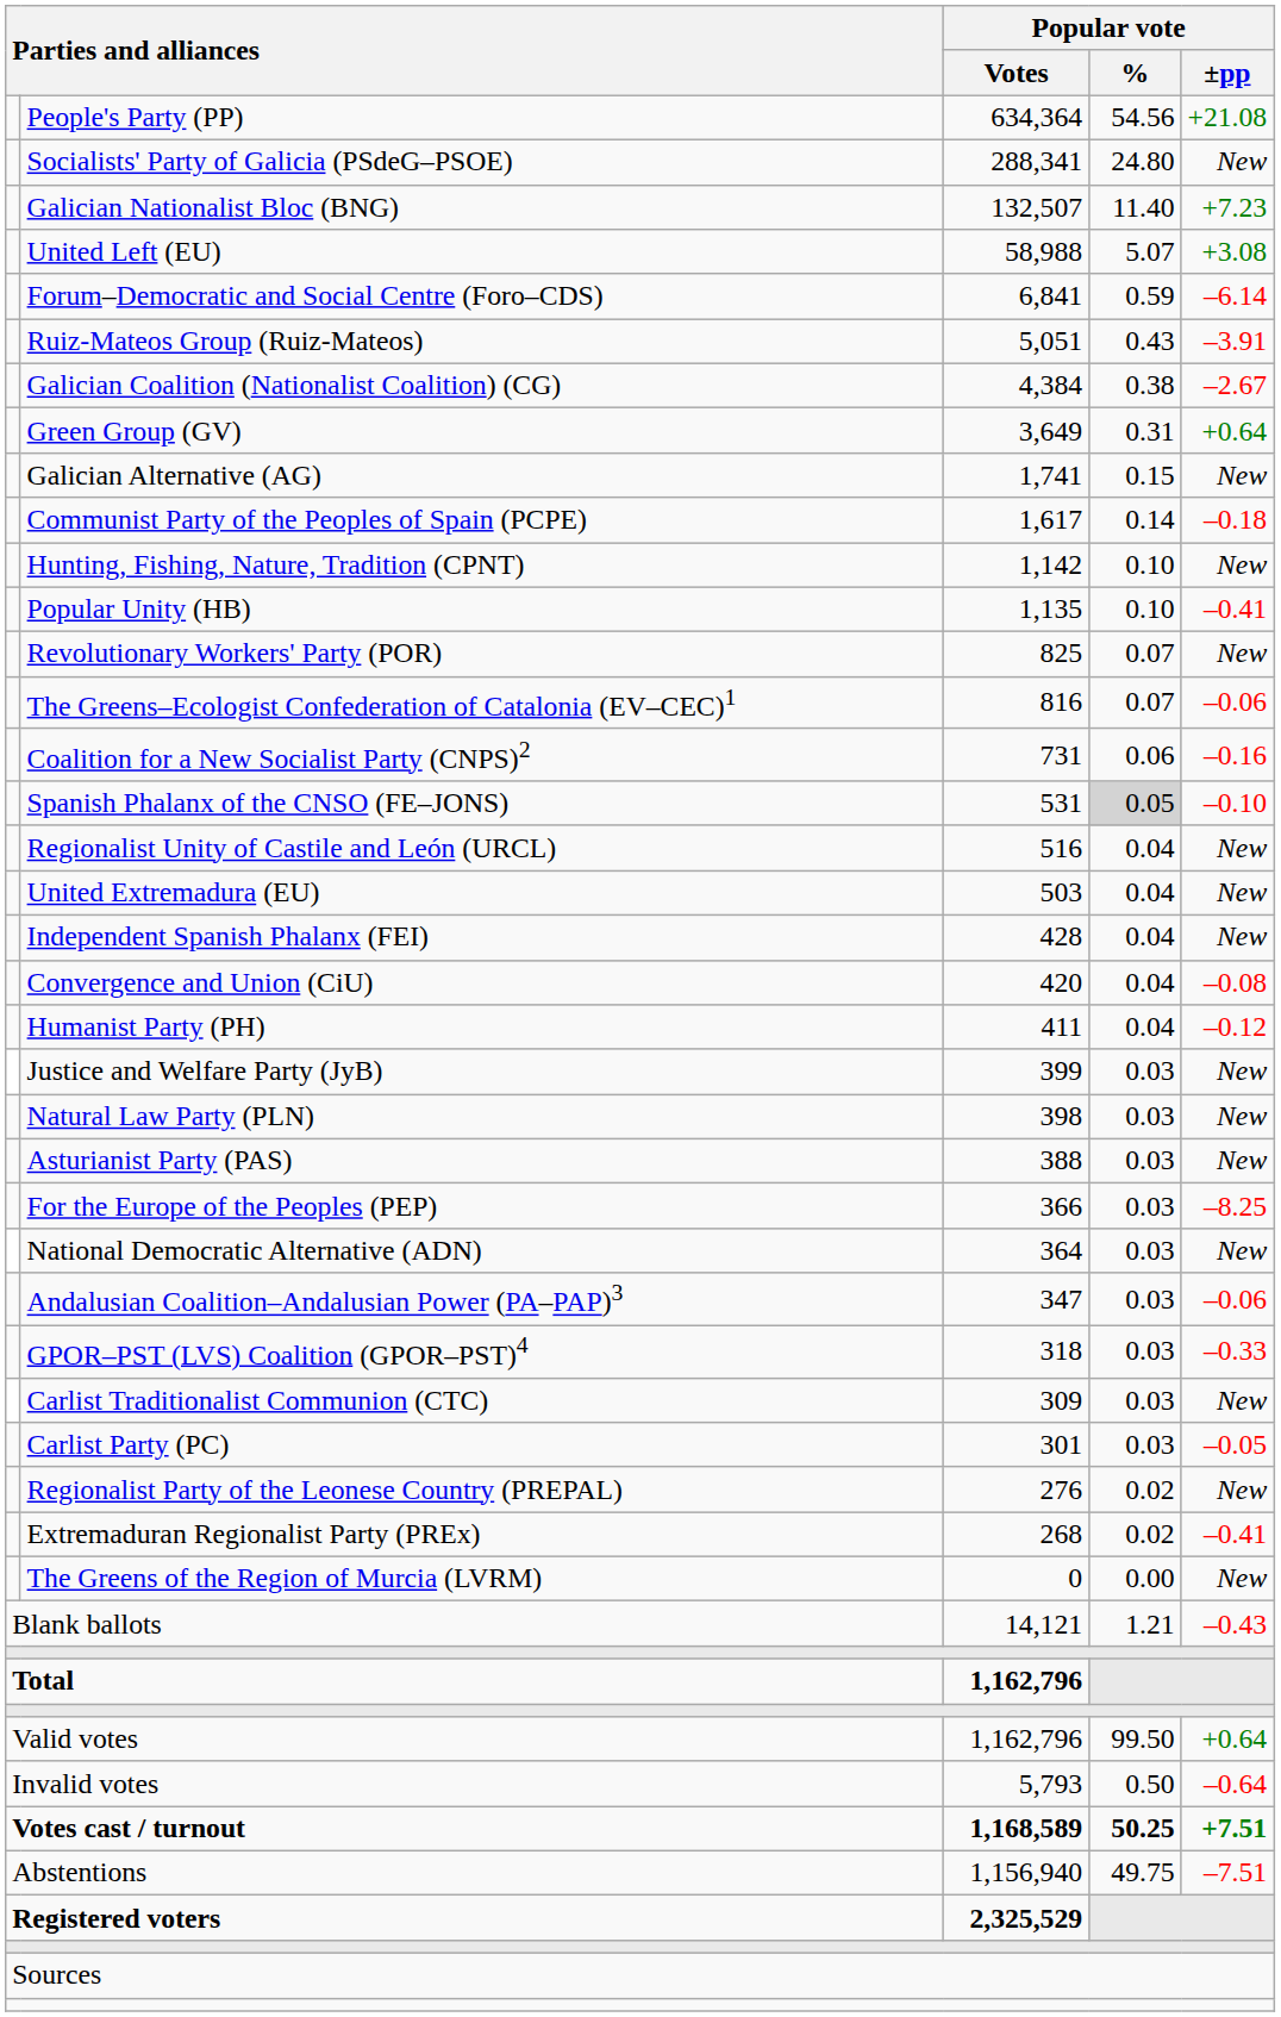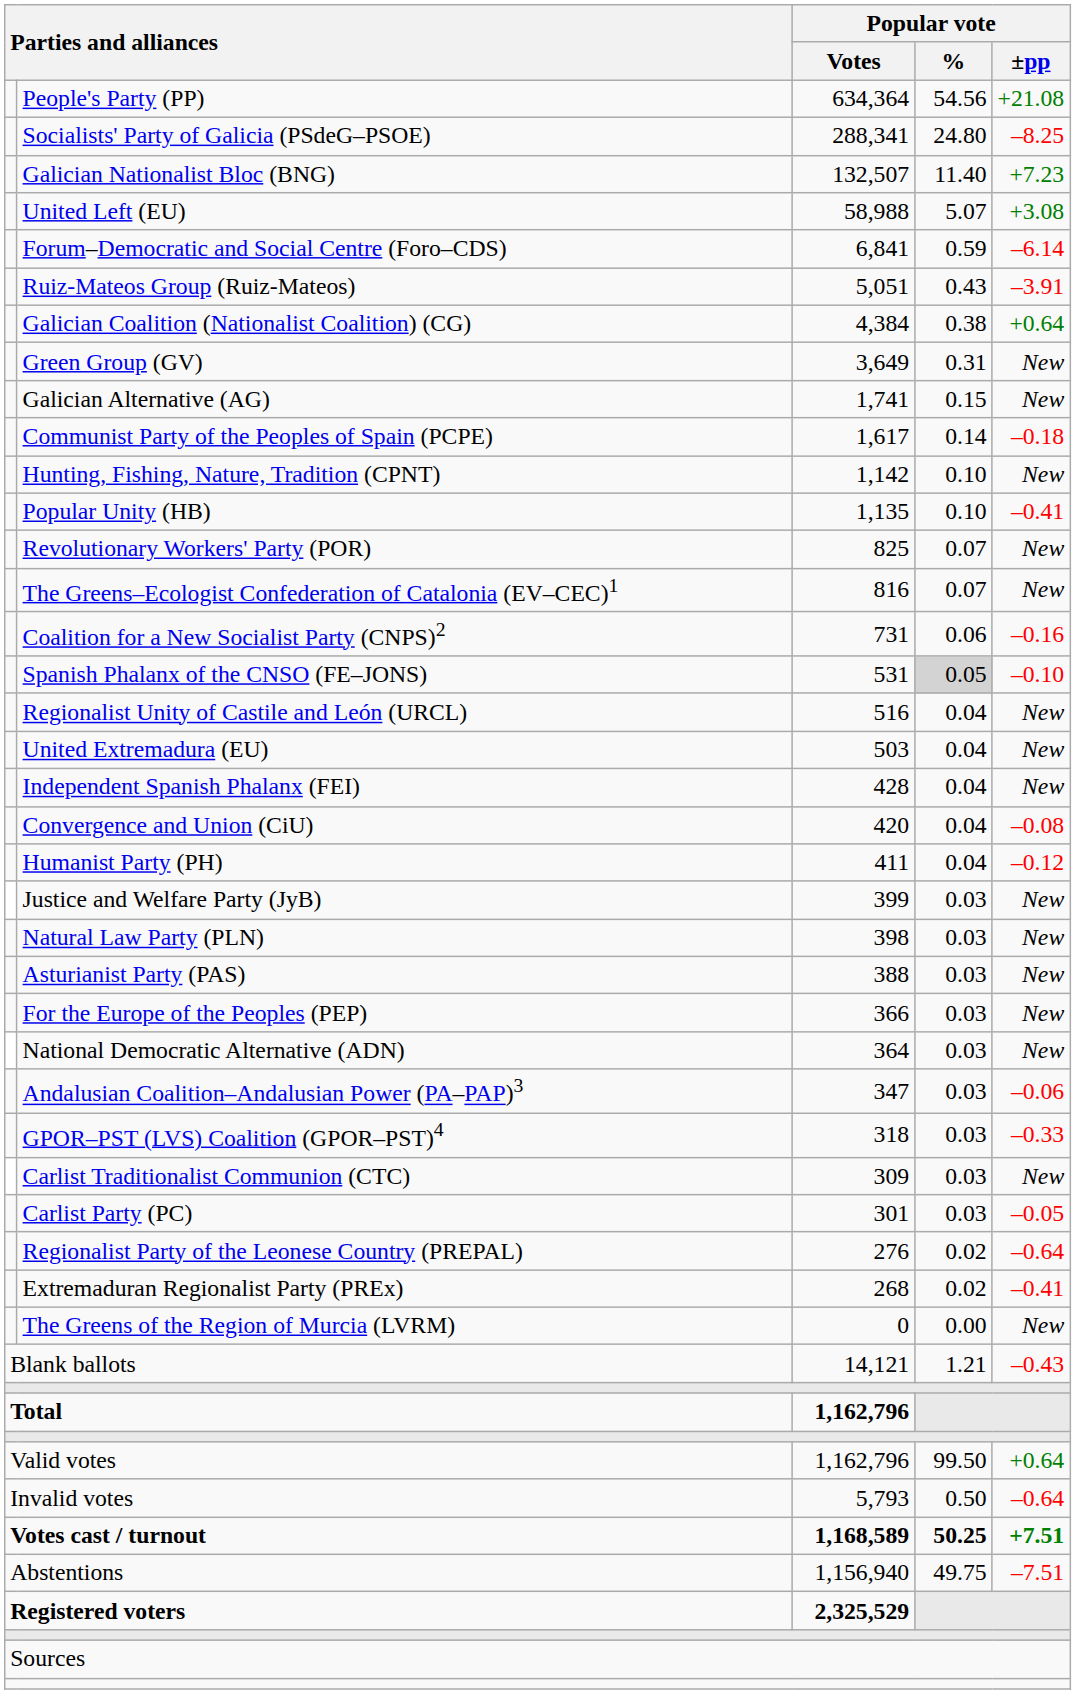 <table class="wikitable" style="text-align:right">
 <tr>
 <th style="text-align:left;" rowspan="2" colspan="2" width="525">Parties and alliances</th>
 <th colspan="3">Popular vote</th>
 </tr>
 <tr>
 <th width="75">Votes</th>
 <th width="45">%</th>
 <th width="45">±<a href='#'>pp</a></th>
 </tr>
 <tr>
 <td width="1" style="color:inherit;background:"></td>
 <td align="left"><a href='#'>People's Party</a> (PP)</td>
 <td>634,364</td>
 <td>54.56</td>
 <td style="color:green;">+21.08</td>
 </tr>
 <tr>
 <td style="color:inherit;background:"></td>
 <td align="left"><a href='#'>Socialists' Party of Galicia</a> (PSdeG–PSOE)</td>
 <td>288,341</td>
 <td>24.80</td>
-<td><em>New</em></td>
+<td style="color:red;">–8.25</td>
 </tr>
 <tr>
 <td style="color:inherit;background:"></td>
 <td align="left"><a href='#'>Galician Nationalist Bloc</a> (BNG)</td>
 <td>132,507</td>
 <td>11.40</td>
 <td style="color:green;">+7.23</td>
 </tr>
 <tr>
 <td style="color:inherit;background:"></td>
 <td align="left"><a href='#'>United Left</a> (EU)</td>
 <td>58,988</td>
 <td>5.07</td>
 <td style="color:green;">+3.08</td>
 </tr>
 <tr>
 <td style="color:inherit;background:"></td>
 <td align="left"><a href='#'>Forum</a>–<a href='#'>Democratic and Social Centre</a> (Foro–CDS)</td>
 <td>6,841</td>
 <td>0.59</td>
 <td style="color:red;">–6.14</td>
 </tr>
 <tr>
 <td style="color:inherit;background:"></td>
 <td align="left"><a href='#'>Ruiz-Mateos Group</a> (Ruiz-Mateos)</td>
 <td>5,051</td>
 <td>0.43</td>
 <td style="color:red;">–3.91</td>
 </tr>
 <tr>
 <td style="color:inherit;background:"></td>
 <td align="left"><a href='#'>Galician Coalition</a> (<a href='#'>Nationalist Coalition</a>) (CG)</td>
 <td>4,384</td>
 <td>0.38</td>
-<td style="color:red;">–2.67</td>
+<td style="color:green;">+0.64</td>
 </tr>
 <tr>
 <td style="color:inherit;background:"></td>
 <td align="left"><a href='#'>Green Group</a> (GV)</td>
 <td>3,649</td>
 <td>0.31</td>
-<td style="color:green;">+0.64</td>
+<td><em>New</em></td>
 </tr>
 <tr>
 <td style="color:inherit;background:"></td>
 <td align="left">Galician Alternative (AG)</td>
 <td>1,741</td>
 <td>0.15</td>
 <td><em>New</em></td>
 </tr>
 <tr>
 <td style="color:inherit;background:"></td>
 <td align="left"><a href='#'>Communist Party of the Peoples of Spain</a> (PCPE)</td>
 <td>1,617</td>
 <td>0.14</td>
 <td style="color:red;">–0.18</td>
 </tr>
 <tr>
 <td style="color:inherit;background:"></td>
 <td align="left"><a href='#'>Hunting, Fishing, Nature, Tradition</a> (CPNT)</td>
 <td>1,142</td>
 <td>0.10</td>
 <td><em>New</em></td>
 </tr>
 <tr>
 <td style="color:inherit;background:"></td>
 <td align="left"><a href='#'>Popular Unity</a> (HB)</td>
 <td>1,135</td>
 <td>0.10</td>
 <td style="color:red;">–0.41</td>
 </tr>
 <tr>
 <td style="color:inherit;background:"></td>
 <td align="left"><a href='#'>Revolutionary Workers' Party</a> (POR)</td>
 <td>825</td>
 <td>0.07</td>
 <td><em>New</em></td>
 </tr>
 <tr>
 <td style="color:inherit;background:"></td>
 <td align="left"><a href='#'>The Greens–Ecologist Confederation of Catalonia</a> (EV–CEC)<sup>1</sup></td>
 <td>816</td>
 <td>0.07</td>
-<td style="color:red;">–0.06</td>
+<td><em>New</em></td>
 </tr>
 <tr>
 <td style="color:inherit;background:"></td>
 <td align="left"><a href='#'>Coalition for a New Socialist Party</a> (CNPS)<sup>2</sup></td>
 <td>731</td>
 <td>0.06</td>
 <td style="color:red;">–0.16</td>
 </tr>
 <tr>
 <td style="color:inherit;background:"></td>
 <td align="left"><a href='#'>Spanish Phalanx of the CNSO</a> (FE–JONS)</td>
 <td>531</td>
 <td style="background: lightgrey;">0.05</td>
 <td style="color:red;">–0.10</td>
 </tr>
 <tr>
 <td style="color:inherit;background:"></td>
 <td align="left"><a href='#'>Regionalist Unity of Castile and León</a> (URCL)</td>
 <td>516</td>
 <td>0.04</td>
 <td><em>New</em></td>
 </tr>
 <tr>
 <td style="color:inherit;background:"></td>
 <td align="left"><a href='#'>United Extremadura</a> (EU)</td>
 <td>503</td>
 <td>0.04</td>
 <td><em>New</em></td>
 </tr>
 <tr>
 <td style="color:inherit;background:"></td>
 <td align="left"><a href='#'>Independent Spanish Phalanx</a> (FEI)</td>
 <td>428</td>
 <td>0.04</td>
 <td><em>New</em></td>
 </tr>
 <tr>
 <td style="color:inherit;background:"></td>
 <td align="left"><a href='#'>Convergence and Union</a> (CiU)</td>
 <td>420</td>
 <td>0.04</td>
 <td style="color:red;">–0.08</td>
 </tr>
 <tr>
 <td style="color:inherit;background:"></td>
 <td align="left"><a href='#'>Humanist Party</a> (PH)</td>
 <td>411</td>
 <td>0.04</td>
 <td style="color:red;">–0.12</td>
 </tr>
 <tr>
 <td bgcolor="white"></td>
 <td align="left">Justice and Welfare Party (JyB)</td>
 <td>399</td>
 <td>0.03</td>
 <td><em>New</em></td>
 </tr>
 <tr>
 <td style="color:inherit;background:"></td>
 <td align="left"><a href='#'>Natural Law Party</a> (PLN)</td>
 <td>398</td>
 <td>0.03</td>
 <td><em>New</em></td>
 </tr>
 <tr>
 <td style="color:inherit;background:"></td>
 <td align="left"><a href='#'>Asturianist Party</a> (PAS)</td>
 <td>388</td>
 <td>0.03</td>
 <td><em>New</em></td>
 </tr>
 <tr>
 <td style="color:inherit;background:"></td>
 <td align="left"><a href='#'>For the Europe of the Peoples</a> (PEP)</td>
 <td>366</td>
 <td>0.03</td>
-<td style="color:red;">–8.25</td>
+<td><em>New</em></td>
 </tr>
 <tr>
 <td bgcolor="white"></td>
 <td align="left">National Democratic Alternative (ADN)</td>
 <td>364</td>
 <td>0.03</td>
 <td><em>New</em></td>
 </tr>
 <tr>
 <td style="color:inherit;background:"></td>
 <td align="left"><a href='#'>Andalusian Coalition–Andalusian Power</a> (<a href='#'>PA</a>–<a href='#'>PAP</a>)<sup>3</sup></td>
 <td>347</td>
 <td>0.03</td>
 <td style="color:red;">–0.06</td>
 </tr>
 <tr>
 <td style="color:inherit;background:"></td>
 <td align="left"><a href='#'>GPOR–PST (LVS) Coalition</a> (GPOR–PST)<sup>4</sup></td>
 <td>318</td>
 <td>0.03</td>
 <td style="color:red;">–0.33</td>
 </tr>
 <tr>
 <td bgcolor="white"></td>
 <td align="left"><a href='#'>Carlist Traditionalist Communion</a> (CTC)</td>
 <td>309</td>
 <td>0.03</td>
 <td><em>New</em></td>
 </tr>
 <tr>
 <td style="color:inherit;background:"></td>
 <td align="left"><a href='#'>Carlist Party</a> (PC)</td>
 <td>301</td>
 <td>0.03</td>
 <td style="color:red;">–0.05</td>
 </tr>
 <tr>
 <td style="color:inherit;background:"></td>
 <td align="left"><a href='#'>Regionalist Party of the Leonese Country</a> (PREPAL)</td>
 <td>276</td>
 <td>0.02</td>
-<td><em>New</em></td>
+<td style="color:red;">–0.64</td>
 </tr>
 <tr>
 <td style="color:inherit;background:"></td>
 <td align="left">Extremaduran Regionalist Party (PREx)</td>
 <td>268</td>
 <td>0.02</td>
 <td style="color:red;">–0.41</td>
 </tr>
 <tr>
 <td style="color:inherit;background:"></td>
 <td align="left"><a href='#'>The Greens of the Region of Murcia</a> (LVRM)</td>
 <td>0</td>
 <td>0.00</td>
 <td><em>New</em></td>
 </tr>
 <tr>
 <td align="left" colspan="2">Blank ballots</td>
 <td>14,121</td>
 <td>1.21</td>
 <td style="color:red;">–0.43</td>
 </tr>
 <tr>
 <td colspan="5" bgcolor="#E9E9E9"></td>
 </tr>
 <tr style="font-weight:bold;">
 <td align="left" colspan="2">Total</td>
 <td>1,162,796</td>
 <td bgcolor="#E9E9E9" colspan="2"></td>
 </tr>
 <tr>
 <td colspan="5" bgcolor="#E9E9E9"></td>
 </tr>
 <tr>
 <td align="left" colspan="2">Valid votes</td>
 <td>1,162,796</td>
 <td>99.50</td>
 <td style="color:green;">+0.64</td>
 </tr>
 <tr>
 <td align="left" colspan="2">Invalid votes</td>
 <td>5,793</td>
 <td>0.50</td>
 <td style="color:red;">–0.64</td>
 </tr>
 <tr style="font-weight:bold;">
 <td align="left" colspan="2">Votes cast / turnout</td>
 <td>1,168,589</td>
 <td>50.25</td>
 <td style="color:green;">+7.51</td>
 </tr>
 <tr>
 <td align="left" colspan="2">Abstentions</td>
 <td>1,156,940</td>
 <td>49.75</td>
 <td style="color:red;">–7.51</td>
 </tr>
 <tr style="font-weight:bold;">
 <td align="left" colspan="2">Registered voters</td>
 <td>2,325,529</td>
 <td bgcolor="#E9E9E9" colspan="2"></td>
 </tr>
 <tr>
 <td colspan="5" bgcolor="#E9E9E9"></td>
 </tr>
 <tr>
 <td align="left" colspan="5">Sources</td>
 </tr>
 <tr>
 <td colspan="5" style="text-align:left; max-width:680px;"></td>
 </tr>
 </table>
